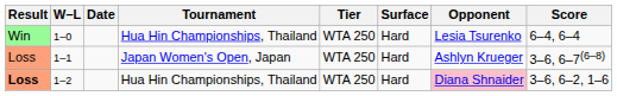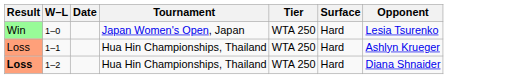 <table class="sortable wikitable">
 <tr>
 <th>Result</th>
 <th class="unsortable">W–L</th>
 <th>Date</th>
 <th>Tournament</th>
 <th>Tier</th>
 <th>Surface</th>
 <th>Opponent</th>
-<th class="unsortable">Score</th>
 </tr>
 <tr>
 <td style="background:#98fb98;">Win</td>
 <td><small>1–0</small></td>
 <td><a href='#'></a></td>
-<td><a href='#'>Hua Hin Championships</a>, Thailand</td>
+<td><a href='#'>Japan Women's Open</a>, Japan</td>
 <td>WTA 250</td>
 <td>Hard</td>
 <td> <a href='#'>Lesia Tsurenko</a></td>
-<td>6–4, 6–4</td>
 </tr>
 <tr>
 <td bgcolor=FFA07A>Loss</td>
 <td><small>1–1</small></td>
 <td><a href='#'></a></td>
-<td><a href='#'>Japan Women's Open</a>, Japan</td>
+<td>Hua Hin Championships, Thailand</td>
 <td>WTA 250</td>
 <td>Hard</td>
 <td> <a href='#'>Ashlyn Krueger</a></td>
-<td>3–6, 6–7<sup>(6–8)</sup></td>
 </tr>
 <tr>
 <td style="background:#ffa07a;"><strong>Loss</strong></td>
 <td><small>1–2</small></td>
 <td><a href='#'></a></td>
 <td>Hua Hin Championships, Thailand</td>
 <td>WTA 250</td>
 <td>Hard</td>
-<td style="background: pink;"> <a href='#'>Diana Shnaider</a></td>
-<td>3–6, 6–2, 1–6</td>
+<td> <a href='#'>Diana Shnaider</a></td>
 </tr>
 </table>
